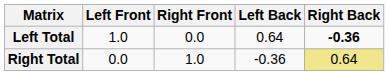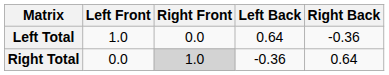 <table class="wikitable" style="text-align:center">
 <tr>
 <th>Matrix</th>
 <th>Left Front</th>
 <th>Right Front</th>
 <th>Left Back</th>
 <th>Right Back</th>
 </tr>
 <tr>
 <th>Left Total</th>
 <td>1.0</td>
 <td>0.0</td>
 <td>0.64</td>
-<td><strong>-0.36</strong></td>
+<td>-0.36</td>
 </tr>
 <tr>
 <th>Right Total</th>
 <td>0.0</td>
-<td>1.0</td>
+<td style="background: lightgrey;">1.0</td>
 <td>-0.36</td>
-<td style="background: khaki;">0.64</td>
+<td>0.64</td>
 </tr>
 </table>
